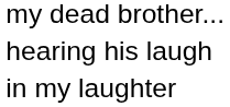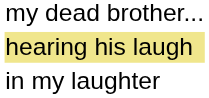 <table style="text-align:left; margin: 1em auto 1em auto;" border="0">
 <tr>
 <td>my dead brother...</td>
 </tr>
 <tr>
-<td>hearing his laugh</td>
+<td style="background: khaki;">hearing his laugh</td>
 </tr>
 <tr>
 <td>in my laughter</td>
 </tr>
 </table>
